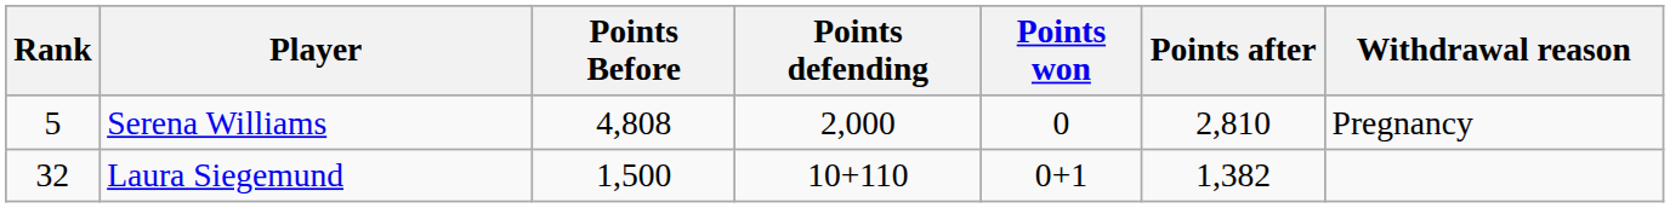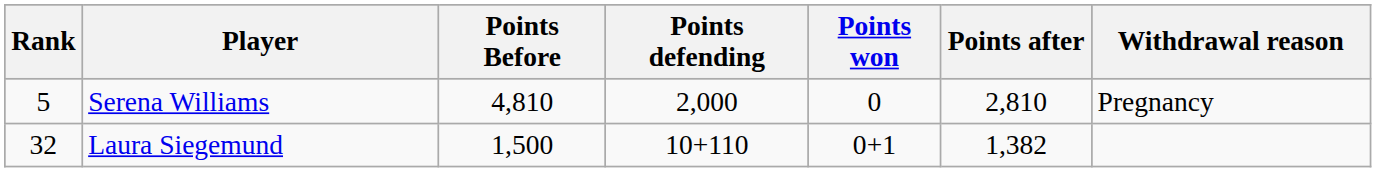 <table class="wikitable" style="text-align:center;">
 <tr>
 <th style="width:30px;">Rank</th>
 <th style="width:200px;">Player</th>
 <th style="width:90px;">Points Before</th>
 <th style="width:110px;">Points defending</th>
 <th style="width:70px;"><a href='#'>Points won</a></th>
 <th style="width:80px;">Points after</th>
 <th style="width:155px;">Withdrawal reason</th>
 </tr>
 <tr>
 <td>5</td>
 <td style="text-align:left"> <a href='#'>Serena Williams</a></td>
-<td>4,808</td>
+<td>4,810</td>
 <td>2,000</td>
 <td>0</td>
 <td>2,810</td>
 <td style="text-align:left;">Pregnancy</td>
 </tr>
 <tr>
 <td>32</td>
 <td style="text-align:left;"> <a href='#'>Laura Siegemund</a></td>
 <td>1,500</td>
 <td>10+110</td>
 <td>0+1</td>
 <td>1,382</td>
 <td style="text-align:left;"></td>
 </tr>
 </table>
